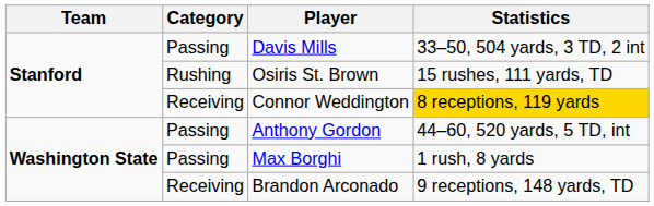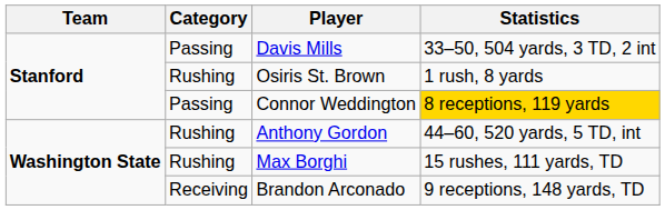 <table class="wikitable" style="float: right;">
 <tr>
 <th>Team</th>
 <th>Category</th>
 <th>Player</th>
 <th>Statistics</th>
 </tr>
 <tr>
 <td rowspan=3><strong>Stanford</strong></td>
 <td>Passing</td>
 <td><a href='#'>Davis Mills</a></td>
 <td>33–50, 504 yards, 3 TD, 2 int</td>
 </tr>
 <tr>
 <td>Rushing</td>
 <td>Osiris St. Brown</td>
-<td>15 rushes, 111 yards, TD</td>
+<td>1 rush, 8 yards</td>
 </tr>
 <tr>
-<td>Receiving</td>
+<td>Passing</td>
 <td>Connor Weddington</td>
 <td style="background: gold;">8 receptions, 119 yards</td>
 </tr>
 <tr>
 <td rowspan=3><strong>Washington State</strong></td>
-<td>Passing</td>
+<td>Rushing</td>
 <td><a href='#'>Anthony Gordon</a></td>
 <td>44–60, 520 yards, 5 TD, int</td>
 </tr>
 <tr>
-<td>Passing</td>
+<td>Rushing</td>
 <td><a href='#'>Max Borghi</a></td>
-<td>1 rush, 8 yards</td>
+<td>15 rushes, 111 yards, TD</td>
 </tr>
 <tr>
 <td>Receiving</td>
 <td>Brandon Arconado</td>
 <td>9 receptions, 148 yards, TD</td>
 </tr>
 </table>
